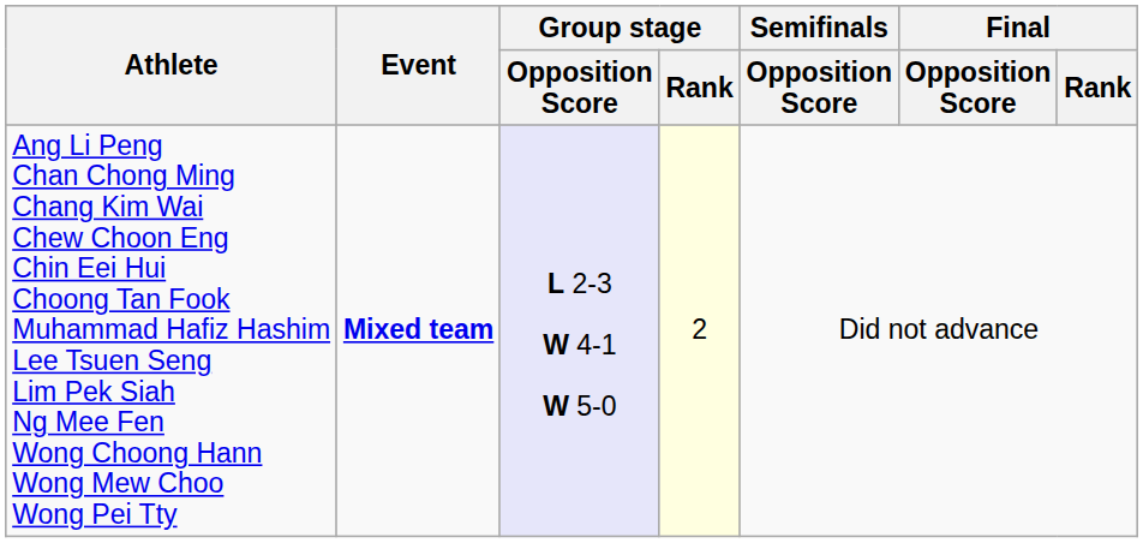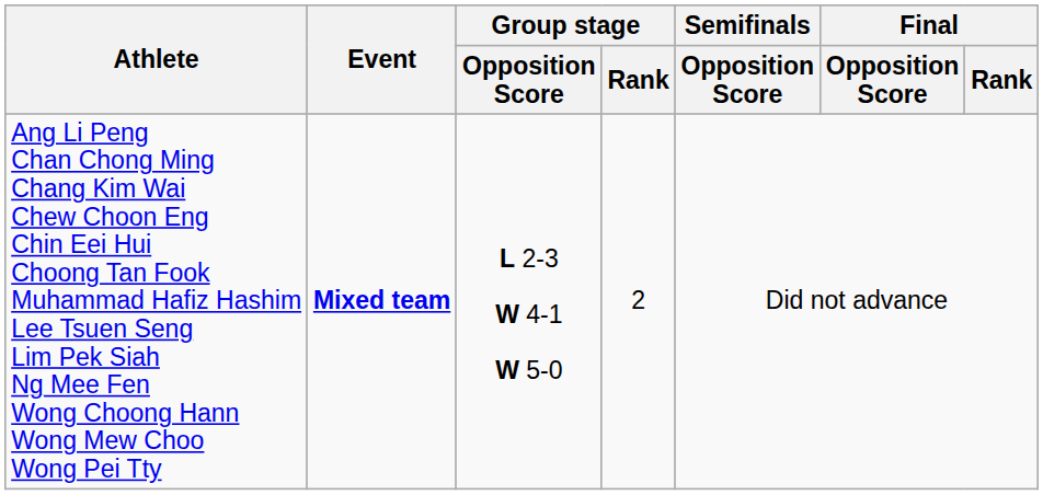 <table class=wikitable style="font-size:90%">
 <tr>
 <th rowspan=2>Athlete</th>
 <th rowspan=2>Event</th>
 <th colspan=2>Group stage</th>
 <th>Semifinals</th>
 <th colspan=2>Final</th>
 </tr>
 <tr>
 <th>Opposition<br>Score</th>
 <th>Rank</th>
 <th>Opposition<br>Score</th>
 <th>Opposition<br>Score</th>
 <th>Rank</th>
 </tr>
 <tr align=center>
 <td align=left><a href='#'>Ang Li Peng</a><br><a href='#'>Chan Chong Ming</a><br><a href='#'>Chang Kim Wai</a><br><a href='#'>Chew Choon Eng</a><br><a href='#'>Chin Eei Hui</a><br><a href='#'>Choong Tan Fook</a><br><a href='#'>Muhammad Hafiz Hashim</a><br><a href='#'>Lee Tsuen Seng</a><br><a href='#'>Lim Pek Siah</a><br><a href='#'>Ng Mee Fen</a><br><a href='#'>Wong Choong Hann</a><br><a href='#'>Wong Mew Choo</a><br><a href='#'>Wong Pei Tty</a></td>
 <td align=left><strong><a href='#'>Mixed team</a></strong></td>
-<td style="background: lavender;"><br><strong>L</strong> 2-3<br><br><strong>W</strong> 4-1<br><br><strong>W</strong> 5-0</td>
-<td style="background: lightyellow;">2</td>
+<td><br><strong>L</strong> 2-3<br><br><strong>W</strong> 4-1<br><br><strong>W</strong> 5-0</td>
+<td>2</td>
 <td colspan=3>Did not advance</td>
 </tr>
 </table>
